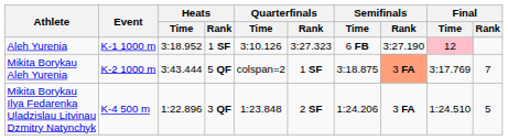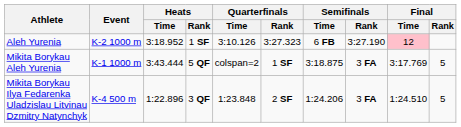 <table class=wikitable style="font-size:90%">
 <tr>
 <th rowspan="2">Athlete</th>
 <th rowspan="2">Event</th>
 <th colspan=2>Heats</th>
 <th colspan=2>Quarterfinals</th>
 <th colspan=2>Semifinals</th>
 <th colspan=2>Final</th>
 </tr>
 <tr style="font-size:95%">
 <th>Time</th>
 <th>Rank</th>
 <th>Time</th>
 <th>Rank</th>
 <th>Time</th>
 <th>Rank</th>
 <th>Time</th>
 <th>Rank</th>
 </tr>
 <tr align=center>
 <td align=left><a href='#'>Aleh Yurenia</a></td>
-<td align=left><a href='#'>K-1 1000 m</a></td>
+<td align=left><a href='#'>K-2 1000 m</a></td>
 <td>3:18.952</td>
 <td>1 <strong>SF</strong></td>
 <td>3:10.126</td>
 <td>3:27.323</td>
 <td>6 <strong>FB</strong></td>
 <td>3:27.190</td>
 <td style="background: pink;">12</td>
 </tr>
 <tr align=center>
 <td align=left><a href='#'>Mikita Borykau</a><br><a href='#'>Aleh Yurenia</a></td>
-<td align=left><a href='#'>K-2 1000 m</a></td>
+<td align=left><a href='#'>K-1 1000 m</a></td>
 <td>3:43.444</td>
 <td>5 <strong>QF</strong></td>
 <td>colspan=2 </td>
 <td>1 <strong>SF</strong></td>
 <td>3:18.875</td>
-<td style="background: lightsalmon;">3 <strong>FA</strong></td>
+<td>3 <strong>FA</strong></td>
 <td>3:17.769</td>
-<td>7</td>
+<td>5</td>
 </tr>
 <tr align=center>
 <td align=left><a href='#'>Mikita Borykau</a><br><a href='#'>Ilya Fedarenka</a><br><a href='#'>Uladzislau Litvinau</a><br><a href='#'>Dzmitry Natynchyk</a></td>
 <td align=left><a href='#'>K-4 500 m</a></td>
 <td>1:22.896</td>
 <td>3 <strong>QF</strong></td>
 <td>1:23.848</td>
 <td>2 <strong>SF</strong></td>
 <td>1:24.206</td>
 <td>3 <strong>FA</strong></td>
 <td>1:24.510</td>
 <td>5</td>
 </tr>
 </table>
